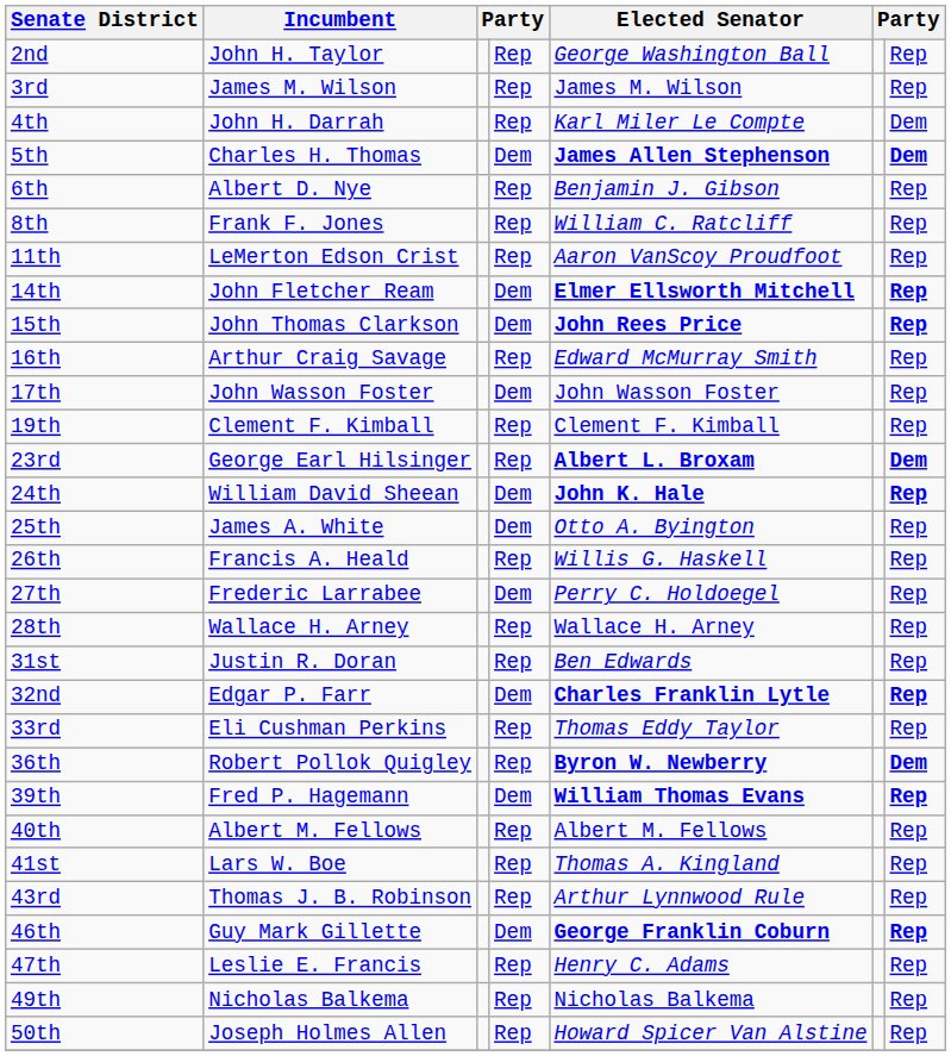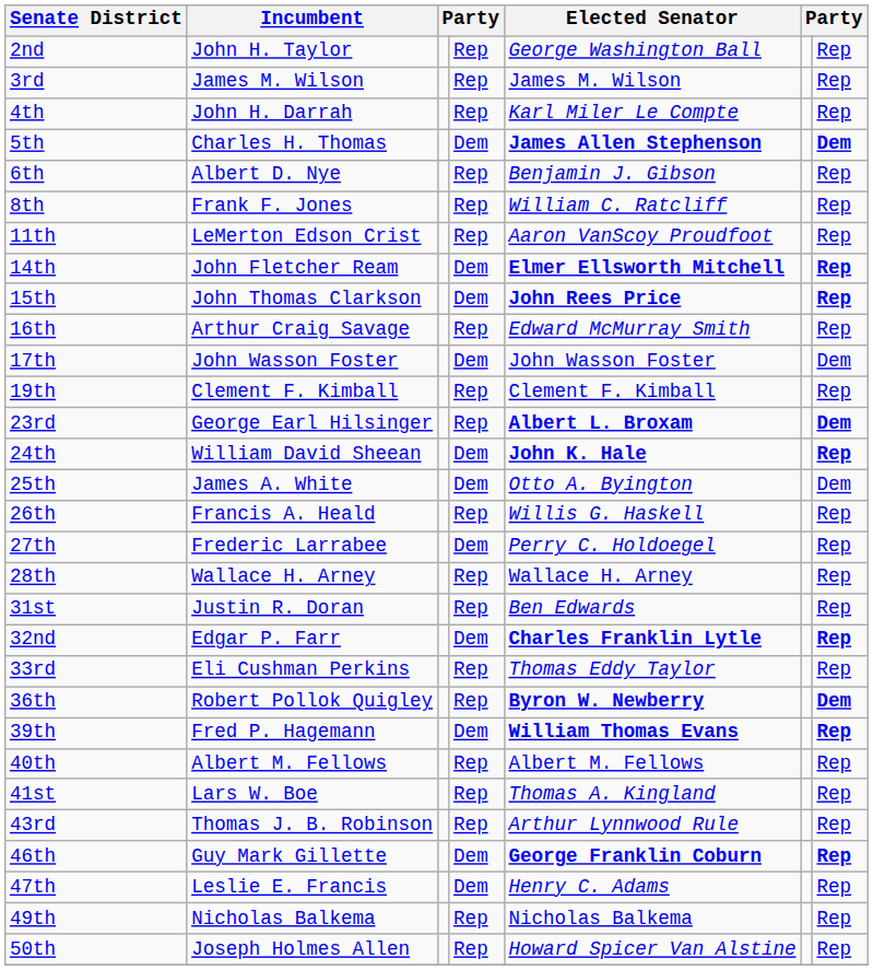 <table class="sortable wikitable" style="font-size:95%;line-height:14px;">
 <tr>
 <th class="sortable"><a href='#'>Senate</a> District</th>
 <th class="unsortable"><a href='#'>Incumbent</a></th>
 <th colspan="2">Party</th>
 <th class="unsortable">Elected Senator</th>
 <th colspan="2">Party</th>
 </tr>
 <tr>
 <td><a href='#'>2nd</a></td>
 <td><a href='#'>John H. Taylor</a></td>
 <td style="background:"></td>
 <td><a href='#'>Rep</a></td>
 <td><em><a href='#'>George Washington Ball</a></em></td>
 <td style="background:"></td>
 <td><a href='#'>Rep</a></td>
 </tr>
 <tr>
 <td><a href='#'>3rd</a></td>
 <td><a href='#'>James M. Wilson</a></td>
 <td style="background:"></td>
 <td><a href='#'>Rep</a></td>
 <td><a href='#'>James M. Wilson</a></td>
 <td style="background:"></td>
 <td><a href='#'>Rep</a></td>
 </tr>
 <tr>
 <td><a href='#'>4th</a></td>
 <td><a href='#'>John H. Darrah</a></td>
 <td style="background:"></td>
 <td><a href='#'>Rep</a></td>
 <td><em><a href='#'>Karl Miler Le Compte</a></em></td>
 <td style="background:"></td>
-<td><a href='#'>Dem</a></td>
+<td><a href='#'>Rep</a></td>
 </tr>
 <tr>
 <td><a href='#'>5th</a></td>
 <td><a href='#'>Charles H. Thomas</a></td>
 <td style="background:"></td>
 <td><a href='#'>Dem</a></td>
 <td><strong><a href='#'>James Allen Stephenson</a></strong></td>
 <td style="background:"></td>
 <td><strong><a href='#'>Dem</a></strong></td>
 </tr>
 <tr>
 <td><a href='#'>6th</a></td>
 <td><a href='#'>Albert D. Nye</a></td>
 <td style="background:"></td>
 <td><a href='#'>Rep</a></td>
 <td><em><a href='#'>Benjamin J. Gibson</a></em></td>
 <td style="background:"></td>
 <td><a href='#'>Rep</a></td>
 </tr>
 <tr>
 <td><a href='#'>8th</a></td>
 <td><a href='#'>Frank F. Jones</a></td>
 <td style="background:"></td>
 <td><a href='#'>Rep</a></td>
 <td><em><a href='#'>William C. Ratcliff</a></em></td>
 <td style="background:"></td>
 <td><a href='#'>Rep</a></td>
 </tr>
 <tr>
 <td><a href='#'>11th</a></td>
 <td><a href='#'>LeMerton Edson Crist</a></td>
 <td style="background:"></td>
 <td><a href='#'>Rep</a></td>
 <td><em><a href='#'>Aaron VanScoy Proudfoot</a></em></td>
 <td style="background:"></td>
 <td><a href='#'>Rep</a></td>
 </tr>
 <tr>
 <td><a href='#'>14th</a></td>
 <td><a href='#'>John Fletcher Ream</a></td>
 <td style="background:"></td>
 <td><a href='#'>Dem</a></td>
 <td><strong><a href='#'>Elmer Ellsworth Mitchell</a></strong></td>
 <td style="background:"></td>
 <td><strong><a href='#'>Rep</a></strong></td>
 </tr>
 <tr>
 <td><a href='#'>15th</a></td>
 <td><a href='#'>John Thomas Clarkson</a></td>
 <td style="background:"></td>
 <td><a href='#'>Dem</a></td>
 <td><strong><a href='#'>John Rees Price</a></strong></td>
 <td style="background:"></td>
 <td><strong><a href='#'>Rep</a></strong></td>
 </tr>
 <tr>
 <td><a href='#'>16th</a></td>
 <td><a href='#'>Arthur Craig Savage</a></td>
 <td style="background:"></td>
 <td><a href='#'>Rep</a></td>
 <td><em><a href='#'>Edward McMurray Smith</a></em></td>
 <td style="background:"></td>
 <td><a href='#'>Rep</a></td>
 </tr>
 <tr>
 <td><a href='#'>17th</a></td>
 <td><a href='#'>John Wasson Foster</a></td>
 <td style="background:"></td>
 <td><a href='#'>Dem</a></td>
 <td><a href='#'>John Wasson Foster</a></td>
 <td style="background:"></td>
-<td><a href='#'>Rep</a></td>
+<td><a href='#'>Dem</a></td>
 </tr>
 <tr>
 <td><a href='#'>19th</a></td>
 <td><a href='#'>Clement F. Kimball</a></td>
 <td style="background:"></td>
 <td><a href='#'>Rep</a></td>
 <td><a href='#'>Clement F. Kimball</a></td>
 <td style="background:"></td>
 <td><a href='#'>Rep</a></td>
 </tr>
 <tr>
 <td><a href='#'>23rd</a></td>
 <td><a href='#'>George Earl Hilsinger</a></td>
 <td style="background:"></td>
 <td><a href='#'>Rep</a></td>
 <td><strong><a href='#'>Albert L. Broxam</a></strong></td>
 <td style="background:"></td>
 <td><strong><a href='#'>Dem</a></strong></td>
 </tr>
 <tr>
 <td><a href='#'>24th</a></td>
 <td><a href='#'>William David Sheean</a></td>
 <td style="background:"></td>
 <td><a href='#'>Dem</a></td>
 <td><strong><a href='#'>John K. Hale</a></strong></td>
 <td style="background:"></td>
 <td><strong><a href='#'>Rep</a></strong></td>
 </tr>
 <tr>
 <td><a href='#'>25th</a></td>
 <td><a href='#'>James A. White</a></td>
 <td style="background:"></td>
 <td><a href='#'>Dem</a></td>
 <td><em><a href='#'>Otto A. Byington</a></em></td>
 <td style="background:"></td>
-<td><a href='#'>Rep</a></td>
+<td><a href='#'>Dem</a></td>
 </tr>
 <tr>
 <td><a href='#'>26th</a></td>
 <td><a href='#'>Francis A. Heald</a></td>
 <td style="background:"></td>
 <td><a href='#'>Rep</a></td>
 <td><em><a href='#'>Willis G. Haskell</a></em></td>
 <td style="background:"></td>
 <td><a href='#'>Rep</a></td>
 </tr>
 <tr>
 <td><a href='#'>27th</a></td>
 <td><a href='#'>Frederic Larrabee</a></td>
 <td style="background:"></td>
 <td><a href='#'>Dem</a></td>
 <td><em><a href='#'>Perry C. Holdoegel</a></em></td>
 <td style="background:"></td>
 <td><a href='#'>Rep</a></td>
 </tr>
 <tr>
 <td><a href='#'>28th</a></td>
 <td><a href='#'>Wallace H. Arney</a></td>
 <td style="background:"></td>
 <td><a href='#'>Rep</a></td>
 <td><a href='#'>Wallace H. Arney</a></td>
 <td style="background:"></td>
 <td><a href='#'>Rep</a></td>
 </tr>
 <tr>
 <td><a href='#'>31st</a></td>
 <td><a href='#'>Justin R. Doran</a></td>
 <td style="background:"></td>
 <td><a href='#'>Rep</a></td>
 <td><em><a href='#'>Ben Edwards</a></em></td>
 <td style="background:"></td>
 <td><a href='#'>Rep</a></td>
 </tr>
 <tr>
 <td><a href='#'>32nd</a></td>
 <td><a href='#'>Edgar P. Farr</a></td>
 <td style="background:"></td>
 <td><a href='#'>Dem</a></td>
 <td><strong><a href='#'>Charles Franklin Lytle</a></strong></td>
 <td style="background:"></td>
 <td><strong><a href='#'>Rep</a></strong></td>
 </tr>
 <tr>
 <td><a href='#'>33rd</a></td>
 <td><a href='#'>Eli Cushman Perkins</a></td>
 <td style="background:"></td>
 <td><a href='#'>Rep</a></td>
 <td><em><a href='#'>Thomas Eddy Taylor</a></em></td>
 <td style="background:"></td>
 <td><a href='#'>Rep</a></td>
 </tr>
 <tr>
 <td><a href='#'>36th</a></td>
 <td><a href='#'>Robert Pollok Quigley</a></td>
 <td style="background:"></td>
 <td><a href='#'>Rep</a></td>
 <td><strong><a href='#'>Byron W. Newberry</a></strong></td>
 <td style="background:"></td>
 <td><strong><a href='#'>Dem</a></strong></td>
 </tr>
 <tr>
 <td><a href='#'>39th</a></td>
 <td><a href='#'>Fred P. Hagemann</a></td>
 <td style="background:"></td>
 <td><a href='#'>Dem</a></td>
 <td><strong><a href='#'>William Thomas Evans</a></strong></td>
 <td style="background:"></td>
 <td><strong><a href='#'>Rep</a></strong></td>
 </tr>
 <tr>
 <td><a href='#'>40th</a></td>
 <td><a href='#'>Albert M. Fellows</a></td>
 <td style="background:"></td>
 <td><a href='#'>Rep</a></td>
 <td><a href='#'>Albert M. Fellows</a></td>
 <td style="background:"></td>
 <td><a href='#'>Rep</a></td>
 </tr>
 <tr>
 <td><a href='#'>41st</a></td>
 <td><a href='#'>Lars W. Boe</a></td>
 <td style="background:"></td>
 <td><a href='#'>Rep</a></td>
 <td><em><a href='#'>Thomas A. Kingland</a></em></td>
 <td style="background:"></td>
 <td><a href='#'>Rep</a></td>
 </tr>
 <tr>
 <td><a href='#'>43rd</a></td>
 <td><a href='#'>Thomas J. B. Robinson</a></td>
 <td style="background:"></td>
 <td><a href='#'>Rep</a></td>
 <td><em><a href='#'>Arthur Lynnwood Rule</a></em></td>
 <td style="background:"></td>
 <td><a href='#'>Rep</a></td>
 </tr>
 <tr>
 <td><a href='#'>46th</a></td>
 <td><a href='#'>Guy Mark Gillette</a></td>
 <td style="background:"></td>
 <td><a href='#'>Dem</a></td>
 <td><strong><a href='#'>George Franklin Coburn</a></strong></td>
 <td style="background:"></td>
 <td><strong><a href='#'>Rep</a></strong></td>
 </tr>
 <tr>
 <td><a href='#'>47th</a></td>
 <td><a href='#'>Leslie E. Francis</a></td>
 <td style="background:"></td>
-<td><a href='#'>Rep</a></td>
+<td><a href='#'>Dem</a></td>
 <td><em><a href='#'>Henry C. Adams</a></em></td>
 <td style="background:"></td>
 <td><a href='#'>Rep</a></td>
 </tr>
 <tr>
 <td><a href='#'>49th</a></td>
 <td><a href='#'>Nicholas Balkema</a></td>
 <td style="background:"></td>
 <td><a href='#'>Rep</a></td>
 <td><a href='#'>Nicholas Balkema</a></td>
 <td style="background:"></td>
 <td><a href='#'>Rep</a></td>
 </tr>
 <tr>
 <td><a href='#'>50th</a></td>
 <td><a href='#'>Joseph Holmes Allen</a></td>
 <td style="background:"></td>
 <td><a href='#'>Rep</a></td>
 <td><em><a href='#'>Howard Spicer Van Alstine</a></em></td>
 <td style="background:"></td>
 <td><a href='#'>Rep</a></td>
 </tr>
 <tr>
 </tr>
 </table>
